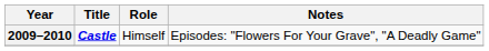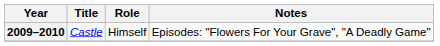 <table class="wikitable plainrowheaders sortable">
 <tr>
 <th scope="col">Year</th>
 <th scope="col">Title</th>
 <th scope="col">Role</th>
 <th scope="col" class="unsortable">Notes</th>
 </tr>
 <tr>
 <th scope=row>2009–2010</th>
-<td><strong><em><a href='#'>Castle</a></em></strong></td>
+<td><em><a href='#'>Castle</a></em></td>
 <td>Himself</td>
 <td>Episodes: "Flowers For Your Grave", "A Deadly Game"</td>
 </tr>
 <tr>
 </tr>
 </table>
